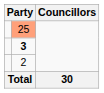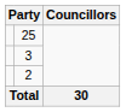 <table class="wikitable">
 <tr>
 <th colspan=2>Party</th>
 <th>Councillors</th>
 </tr>
 <tr>
 <td></td>
-<td align=center style="background: lightsalmon;">25</td>
+<td align=center>25</td>
 </tr>
 <tr>
 <td></td>
-<td align=center><strong>3</strong></td>
+<td align=center>3</td>
 </tr>
 <tr>
 <td></td>
 <td align=center>2</td>
 </tr>
 <tr>
 <th colspan=2>Total</th>
 <th>30</th>
 </tr>
 </table>
